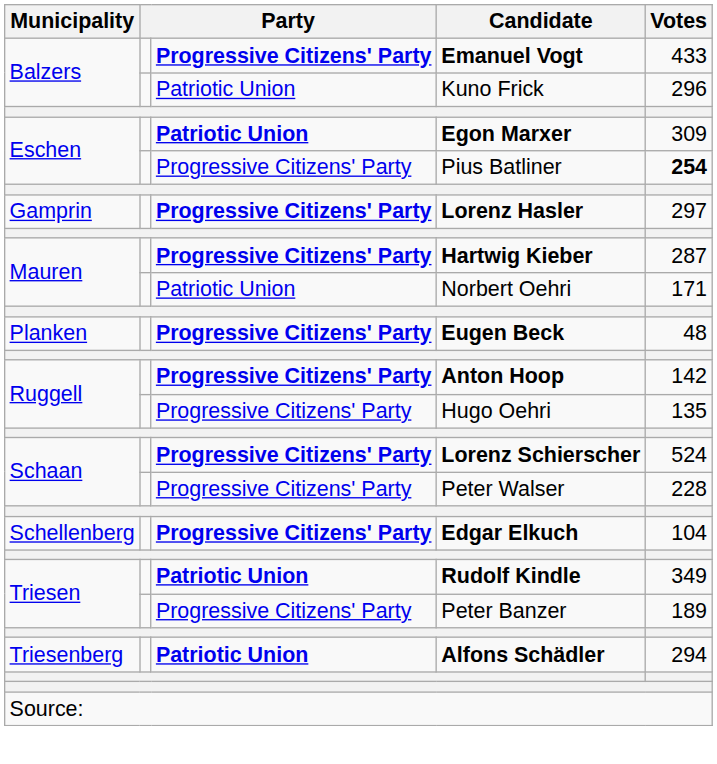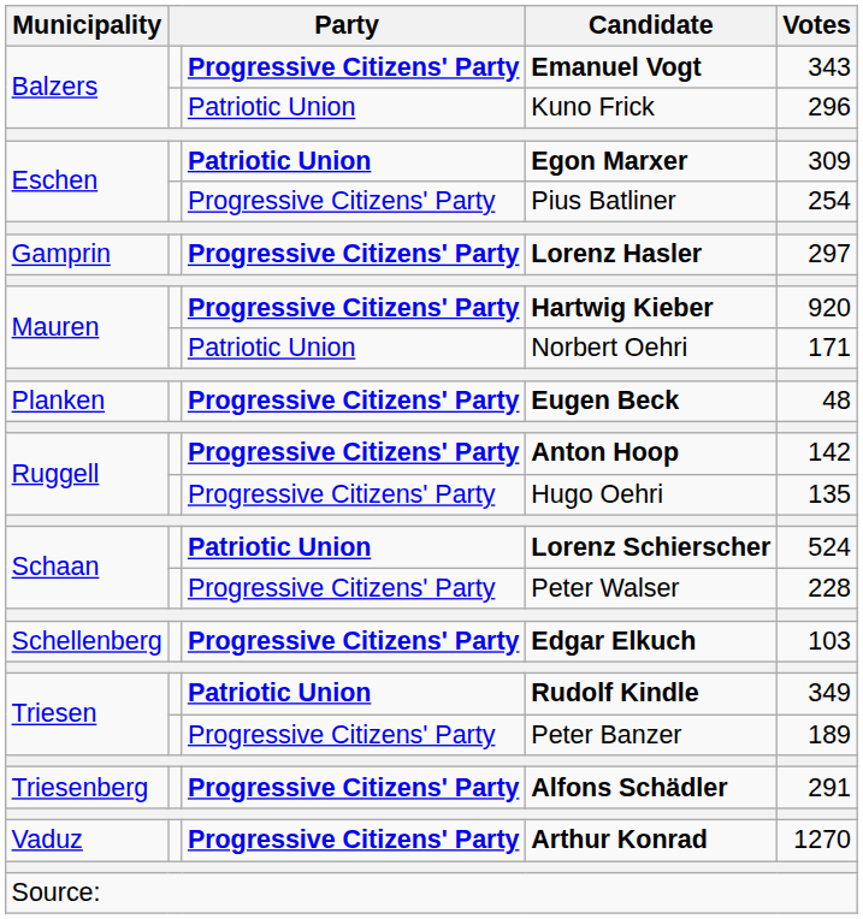 <table class="wikitable" style="text-align:right">
 <tr>
 <th>Municipality</th>
 <th colspan="2">Party</th>
 <th>Candidate</th>
 <th>Votes</th>
 </tr>
 <tr>
 <td rowspan="2" align="left"><a href='#'>Balzers</a></td>
 <td width="1" style="color:inherit;background:"></td>
 <td align="left"><strong><a href='#'>Progressive Citizens' Party</a></strong></td>
 <td align="left"><strong>Emanuel Vogt</strong></td>
-<td>433</td>
+<td>343</td>
 </tr>
 <tr>
 <td style="color:inherit;background:"></td>
 <td align="left"><a href='#'>Patriotic Union</a></td>
 <td align="left">Kuno Frick</td>
 <td>296</td>
 </tr>
 <tr>
 <th colspan="4"></th>
 <th></th>
 </tr>
 <tr>
 <td rowspan="2" align="left"><a href='#'>Eschen</a></td>
 <td style="color:inherit;background:"></td>
 <td align="left"><a href='#'><strong>Patriotic Union</strong></a></td>
 <td align="left"><strong>Egon Marxer</strong></td>
 <td>309</td>
 </tr>
 <tr>
 <td style="color:inherit;background:"></td>
 <td align="left"><a href='#'>Progressive Citizens' Party</a></td>
 <td align="left">Pius Batliner</td>
-<td><strong>254</strong></td>
+<td>254</td>
 </tr>
 <tr>
 <th colspan="4"></th>
 <th></th>
 </tr>
 <tr>
 <td align="left"><a href='#'>Gamprin</a></td>
 <td style="color:inherit;background:"></td>
 <td align="left"><strong><a href='#'>Progressive Citizens' Party</a></strong></td>
 <td align="left"><strong>Lorenz Hasler</strong></td>
 <td>297</td>
 </tr>
 <tr>
 <th colspan="4"></th>
 <th></th>
 </tr>
 <tr>
 <td rowspan="2" align="left"><a href='#'>Mauren</a></td>
 <td style="color:inherit;background:"></td>
 <td align="left"><strong><a href='#'>Progressive Citizens' Party</a></strong></td>
 <td align="left"><strong>Hartwig Kieber</strong></td>
-<td>287</td>
+<td>920</td>
 </tr>
 <tr>
 <td style="color:inherit;background:"></td>
 <td align="left"><a href='#'>Patriotic Union</a></td>
 <td align="left">Norbert Oehri</td>
 <td>171</td>
 </tr>
 <tr>
 <th colspan="4"></th>
 <th></th>
 </tr>
 <tr>
 <td align="left"><a href='#'>Planken</a></td>
 <td style="color:inherit;background:"></td>
 <td align="left"><strong><a href='#'>Progressive Citizens' Party</a></strong></td>
 <td align="left"><strong>Eugen Beck</strong></td>
 <td>48</td>
 </tr>
 <tr>
 <th colspan="4"></th>
 <th></th>
 </tr>
 <tr>
 <td rowspan="2" align="left"><a href='#'>Ruggell</a></td>
 <td style="color:inherit;background:"></td>
 <td align="left"><strong><a href='#'>Progressive Citizens' Party</a></strong></td>
 <td align="left"><strong>Anton Hoop</strong></td>
 <td>142</td>
 </tr>
 <tr>
 <td style="color:inherit;background:"></td>
 <td align="left"><a href='#'>Progressive Citizens' Party</a></td>
 <td align="left">Hugo Oehri</td>
 <td>135</td>
 </tr>
 <tr>
 <th colspan="4"></th>
 <th></th>
 </tr>
 <tr>
 <td rowspan="2" align="left"><a href='#'>Schaan</a></td>
 <td style="color:inherit;background:"></td>
-<td align="left"><strong><a href='#'>Progressive Citizens' Party</a></strong></td>
+<td align="left"><a href='#'><strong>Patriotic Union</strong></a></td>
 <td align="left"><strong>Lorenz Schierscher</strong></td>
 <td>524</td>
 </tr>
 <tr>
 <td style="color:inherit;background:"></td>
 <td align="left"><a href='#'>Progressive Citizens' Party</a></td>
 <td align="left">Peter Walser</td>
 <td>228</td>
 </tr>
 <tr>
 <th colspan="4"></th>
 <th></th>
 </tr>
 <tr>
 <td align="left"><a href='#'>Schellenberg</a></td>
 <td style="color:inherit;background:"></td>
 <td align="left"><strong><a href='#'>Progressive Citizens' Party</a></strong></td>
 <td align="left"><strong>Edgar Elkuch</strong></td>
-<td>104</td>
+<td>103</td>
 </tr>
 <tr>
 <th colspan="4"></th>
 <th></th>
 </tr>
 <tr>
 <td rowspan="2" align="left"><a href='#'>Triesen</a></td>
 <td style="color:inherit;background:"></td>
 <td align="left"><a href='#'><strong>Patriotic Union</strong></a></td>
 <td align="left"><strong>Rudolf Kindle</strong></td>
 <td>349</td>
 </tr>
 <tr>
 <td style="color:inherit;background:"></td>
 <td align="left"><a href='#'>Progressive Citizens' Party</a></td>
 <td align="left">Peter Banzer</td>
 <td>189</td>
 </tr>
 <tr>
 <th colspan="4"></th>
 <th></th>
 </tr>
 <tr>
 <td align="left"><a href='#'>Triesenberg</a></td>
 <td style="color:inherit;background:"></td>
-<td align="left"><a href='#'><strong>Patriotic Union</strong></a></td>
+<td align="left"><strong><a href='#'>Progressive Citizens' Party</a></strong></td>
 <td align="left"><strong>Alfons Schädler</strong></td>
-<td>294</td>
+<td>291</td>
 </tr>
 <tr>
 <th colspan="4"></th>
 <th></th>
+</tr>
+<tr>
+<td align="left"><a href='#'>Vaduz</a></td>
+<td style="color:inherit;background:"></td>
+<td align="left"><strong><a href='#'>Progressive Citizens' Party</a></strong></td>
+<td align="left"><strong>Arthur Konrad</strong></td>
+<td>1270</td>
 </tr>
 <tr>
 <th colspan="5"></th>
 </tr>
 <tr>
 <td colspan="5" align="left">Source: </td>
 </tr>
 </table>
